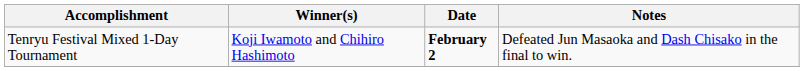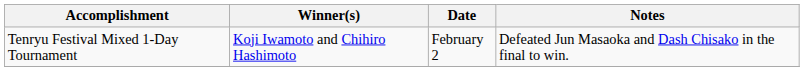 <table class="wikitable" style="width:100%;">
 <tr>
 <th>Accomplishment</th>
 <th>Winner(s)</th>
 <th>Date</th>
 <th>Notes</th>
 </tr>
 <tr>
 <td>Tenryu Festival Mixed 1-Day Tournament</td>
 <td><a href='#'>Koji Iwamoto</a> and <a href='#'>Chihiro Hashimoto</a></td>
-<td><strong>February 2</strong></td>
+<td>February 2</td>
 <td>Defeated Jun Masaoka and <a href='#'>Dash Chisako</a> in the final to win.</td>
 </tr>
 <tr>
 </tr>
 </table>
